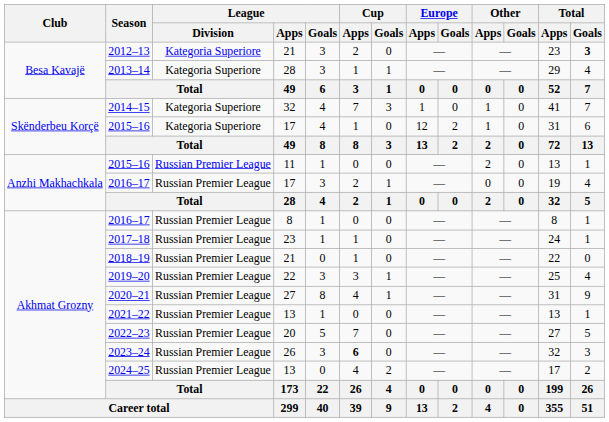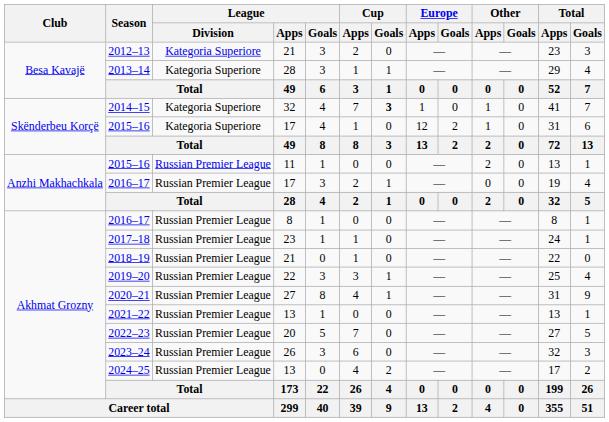 <table class="wikitable" style="text-align:center">
 <tr>
 <th rowspan="2">Club</th>
 <th rowspan="2">Season</th>
 <th colspan="3">League</th>
 <th colspan="2">Cup</th>
 <th colspan="2"><a href='#'>Europe</a></th>
 <th colspan="2">Other</th>
 <th colspan="2">Total</th>
 </tr>
 <tr>
 <th>Division</th>
 <th>Apps</th>
 <th>Goals</th>
 <th>Apps</th>
 <th>Goals</th>
 <th>Apps</th>
 <th>Goals</th>
 <th>Apps</th>
 <th>Goals</th>
 <th>Apps</th>
 <th>Goals</th>
 </tr>
 <tr>
 <td rowspan="3"><a href='#'>Besa Kavajë</a></td>
 <td><a href='#'>2012–13</a></td>
 <td><a href='#'>Kategoria Superiore</a></td>
 <td>21</td>
 <td>3</td>
 <td>2</td>
 <td>0</td>
 <td colspan="2">—</td>
 <td colspan="2">—</td>
 <td>23</td>
-<td><strong>3</strong></td>
+<td>3</td>
 </tr>
 <tr>
 <td><a href='#'>2013–14</a></td>
 <td>Kategoria Superiore</td>
 <td>28</td>
 <td>3</td>
 <td>1</td>
 <td>1</td>
 <td colspan="2">—</td>
 <td colspan="2">—</td>
 <td>29</td>
 <td>4</td>
 </tr>
 <tr>
 <th colspan="2">Total</th>
 <th>49</th>
 <th>6</th>
 <th>3</th>
 <th>1</th>
 <th>0</th>
 <th>0</th>
 <th>0</th>
 <th>0</th>
 <th>52</th>
 <th>7</th>
 </tr>
 <tr>
 <td rowspan="3"><a href='#'>Skënderbeu Korçë</a></td>
 <td><a href='#'>2014–15</a></td>
 <td>Kategoria Superiore</td>
 <td>32</td>
 <td>4</td>
 <td>7</td>
-<td>3</td>
+<td><strong>3</strong></td>
 <td>1</td>
 <td>0</td>
 <td>1</td>
 <td>0</td>
 <td>41</td>
 <td>7</td>
 </tr>
 <tr>
 <td><a href='#'>2015–16</a></td>
 <td>Kategoria Superiore</td>
 <td>17</td>
 <td>4</td>
 <td>1</td>
 <td>0</td>
 <td>12</td>
 <td>2</td>
 <td>1</td>
 <td>0</td>
 <td>31</td>
 <td>6</td>
 </tr>
 <tr>
 <th colspan="2">Total</th>
 <th>49</th>
 <th>8</th>
 <th>8</th>
 <th>3</th>
 <th>13</th>
 <th>2</th>
 <th>2</th>
 <th>0</th>
 <th>72</th>
 <th>13</th>
 </tr>
 <tr>
 <td rowspan="3"><a href='#'>Anzhi Makhachkala</a></td>
 <td><a href='#'>2015–16</a></td>
 <td><a href='#'>Russian Premier League</a></td>
 <td>11</td>
 <td>1</td>
 <td>0</td>
 <td>0</td>
 <td colspan="2">—</td>
 <td>2</td>
 <td>0</td>
 <td>13</td>
 <td>1</td>
 </tr>
 <tr>
 <td><a href='#'>2016–17</a></td>
 <td>Russian Premier League</td>
 <td>17</td>
 <td>3</td>
 <td>2</td>
 <td>1</td>
 <td colspan="2">—</td>
 <td>0</td>
 <td>0</td>
 <td>19</td>
 <td>4</td>
 </tr>
 <tr>
 <th colspan="2">Total</th>
 <th>28</th>
 <th>4</th>
 <th>2</th>
 <th>1</th>
 <th>0</th>
 <th>0</th>
 <th>2</th>
 <th>0</th>
 <th>32</th>
 <th>5</th>
 </tr>
 <tr>
 <td rowspan="10"><a href='#'>Akhmat Grozny</a></td>
 <td><a href='#'>2016–17</a></td>
 <td>Russian Premier League</td>
 <td>8</td>
 <td>1</td>
 <td>0</td>
 <td>0</td>
 <td colspan="2">—</td>
 <td colspan="2">—</td>
 <td>8</td>
 <td>1</td>
 </tr>
 <tr>
 <td><a href='#'>2017–18</a></td>
 <td>Russian Premier League</td>
 <td>23</td>
 <td>1</td>
 <td>1</td>
 <td>0</td>
 <td colspan="2">—</td>
 <td colspan="2">—</td>
 <td>24</td>
 <td>1</td>
 </tr>
 <tr>
 <td><a href='#'>2018–19</a></td>
 <td>Russian Premier League</td>
 <td>21</td>
 <td>0</td>
 <td>1</td>
 <td>0</td>
 <td colspan="2">—</td>
 <td colspan="2">—</td>
 <td>22</td>
 <td>0</td>
 </tr>
 <tr>
 <td><a href='#'>2019–20</a></td>
 <td>Russian Premier League</td>
 <td>22</td>
 <td>3</td>
 <td>3</td>
 <td>1</td>
 <td colspan="2">—</td>
 <td colspan="2">—</td>
 <td>25</td>
 <td>4</td>
 </tr>
 <tr>
 <td><a href='#'>2020–21</a></td>
 <td>Russian Premier League</td>
 <td>27</td>
 <td>8</td>
 <td>4</td>
 <td>1</td>
 <td colspan="2">—</td>
 <td colspan="2">—</td>
 <td>31</td>
 <td>9</td>
 </tr>
 <tr>
 <td><a href='#'>2021–22</a></td>
 <td>Russian Premier League</td>
 <td>13</td>
 <td>1</td>
 <td>0</td>
 <td>0</td>
 <td colspan="2">—</td>
 <td colspan="2">—</td>
 <td>13</td>
 <td>1</td>
 </tr>
 <tr>
 <td><a href='#'>2022–23</a></td>
 <td>Russian Premier League</td>
 <td>20</td>
 <td>5</td>
 <td>7</td>
 <td>0</td>
 <td colspan="2">—</td>
 <td colspan="2">—</td>
 <td>27</td>
 <td>5</td>
 </tr>
 <tr>
 <td><a href='#'>2023–24</a></td>
 <td>Russian Premier League</td>
 <td>26</td>
 <td>3</td>
-<td><strong>6</strong></td>
+<td>6</td>
 <td>0</td>
 <td colspan="2">—</td>
 <td colspan="2">—</td>
 <td>32</td>
 <td>3</td>
 </tr>
 <tr>
 <td><a href='#'>2024–25</a></td>
 <td>Russian Premier League</td>
 <td>13</td>
 <td>0</td>
 <td>4</td>
 <td>2</td>
 <td colspan="2">—</td>
 <td colspan="2">—</td>
 <td>17</td>
 <td>2</td>
 </tr>
 <tr>
 <th colspan="2">Total</th>
 <th>173</th>
 <th>22</th>
 <th>26</th>
 <th>4</th>
 <th>0</th>
 <th>0</th>
 <th>0</th>
 <th>0</th>
 <th>199</th>
 <th>26</th>
 </tr>
 <tr>
 <th colspan="3">Career total</th>
 <th>299</th>
 <th>40</th>
 <th>39</th>
 <th>9</th>
 <th>13</th>
 <th>2</th>
 <th>4</th>
 <th>0</th>
 <th>355</th>
 <th>51</th>
 </tr>
 </table>
